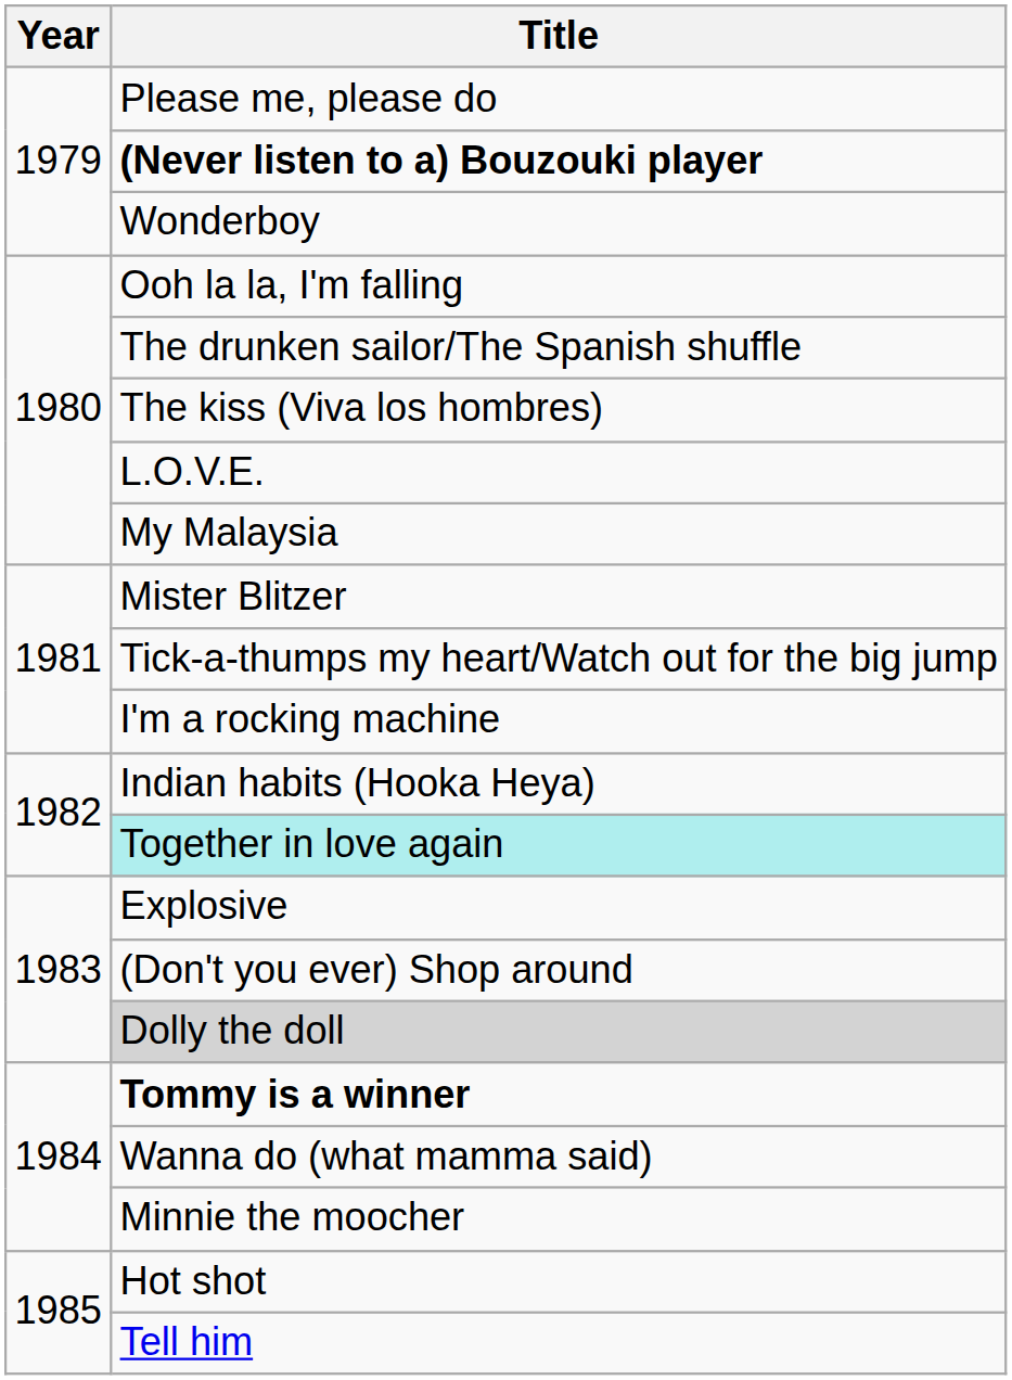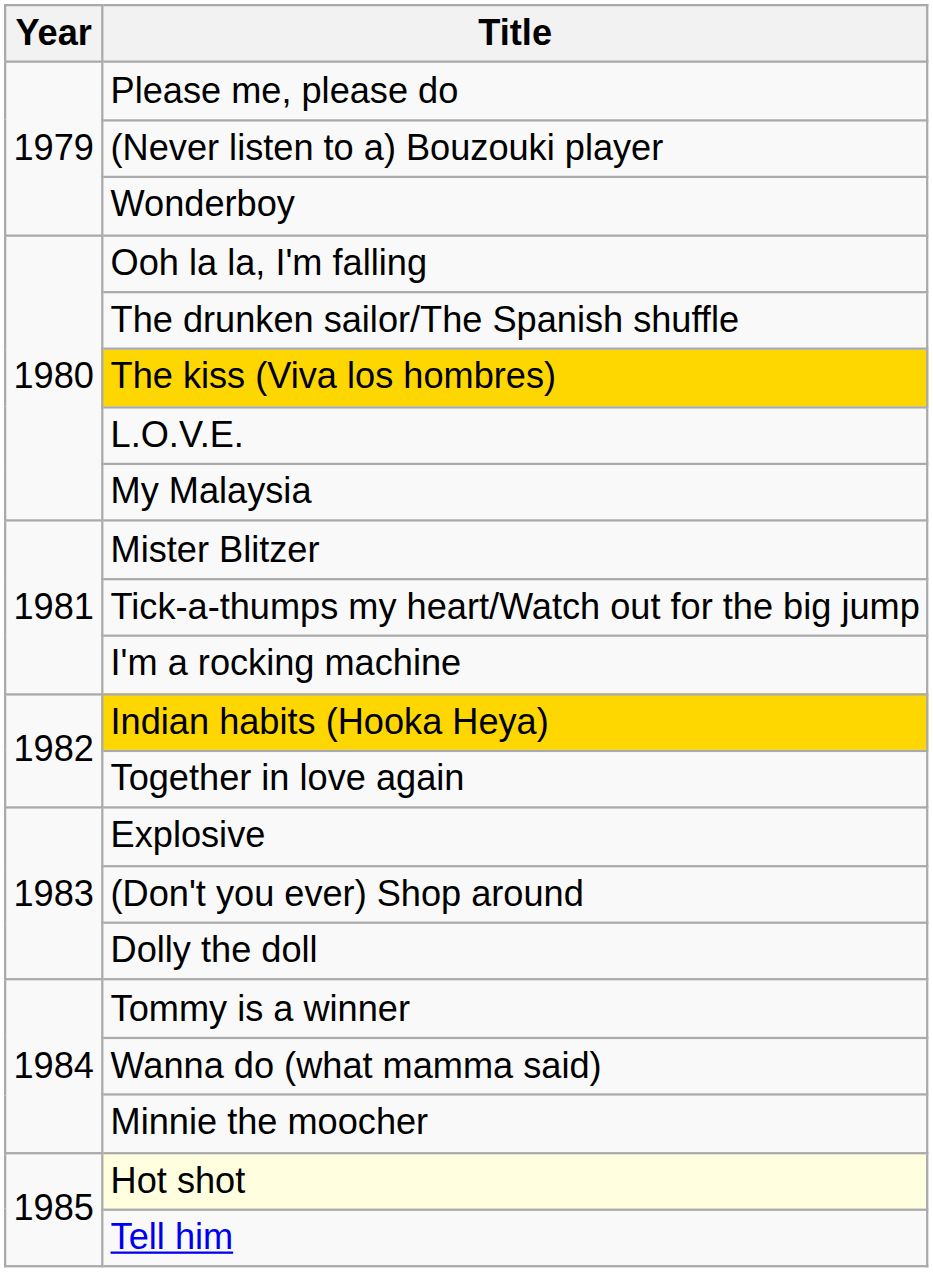 <table class="wikitable">
 <tr>
 <th>Year</th>
 <th>Title</th>
 </tr>
 <tr>
 <td rowspan="3">1979</td>
 <td>Please me, please do</td>
 </tr>
 <tr>
-<td><strong>(Never listen to a) Bouzouki player</strong></td>
+<td>(Never listen to a) Bouzouki player</td>
 </tr>
 <tr>
 <td>Wonderboy</td>
 </tr>
 <tr>
 <td rowspan="5">1980</td>
 <td>Ooh la la, I'm falling</td>
 </tr>
 <tr>
 <td>The drunken sailor/The Spanish shuffle</td>
 </tr>
 <tr>
-<td>The kiss (Viva los hombres)</td>
+<td style="background: gold;">The kiss (Viva los hombres)</td>
 </tr>
 <tr>
 <td>L.O.V.E.</td>
 </tr>
 <tr>
 <td>My Malaysia</td>
 </tr>
 <tr>
 <td rowspan="3">1981</td>
 <td>Mister Blitzer</td>
 </tr>
 <tr>
 <td>Tick-a-thumps my heart/Watch out for the big jump</td>
 </tr>
 <tr>
 <td>I'm a rocking machine</td>
 </tr>
 <tr>
 <td rowspan="2">1982</td>
-<td>Indian habits (Hooka Heya)</td>
+<td style="background: gold;">Indian habits (Hooka Heya)</td>
 </tr>
 <tr>
-<td style="background: paleturquoise;">Together in love again</td>
+<td>Together in love again</td>
 </tr>
 <tr>
 <td rowspan="3">1983</td>
 <td>Explosive</td>
 </tr>
 <tr>
 <td>(Don't you ever) Shop around</td>
 </tr>
 <tr>
-<td style="background: lightgrey;">Dolly the doll</td>
+<td>Dolly the doll</td>
 </tr>
 <tr>
 <td rowspan="3">1984</td>
-<td><strong>Tommy is a winner</strong></td>
+<td>Tommy is a winner</td>
 </tr>
 <tr>
 <td>Wanna do (what mamma said)</td>
 </tr>
 <tr>
 <td>Minnie the moocher</td>
 </tr>
 <tr>
 <td rowspan="2">1985</td>
-<td>Hot shot</td>
+<td style="background: lightyellow;">Hot shot</td>
 </tr>
 <tr>
 <td><a href='#'>Tell him</a></td>
 </tr>
 </table>
